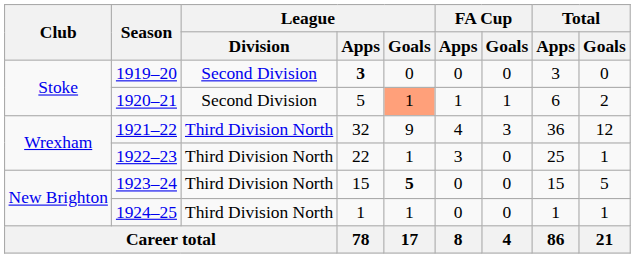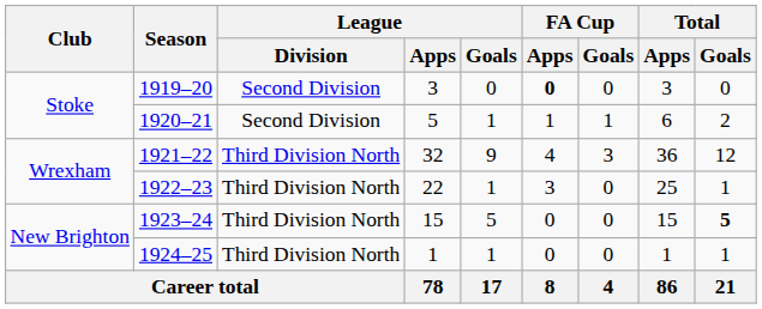 <table class="wikitable" style="text-align: center;">
 <tr>
 <th rowspan="2">Club</th>
 <th rowspan="2">Season</th>
 <th colspan="3">League</th>
 <th colspan="2">FA Cup</th>
 <th colspan="2">Total</th>
 </tr>
 <tr>
 <th>Division</th>
 <th>Apps</th>
 <th>Goals</th>
 <th>Apps</th>
 <th>Goals</th>
 <th>Apps</th>
 <th>Goals</th>
 </tr>
 <tr>
 <td rowspan="2"><a href='#'>Stoke</a></td>
 <td><a href='#'>1919–20</a></td>
 <td><a href='#'>Second Division</a></td>
-<td><strong>3</strong></td>
+<td>3</td>
 <td>0</td>
-<td>0</td>
+<td><strong>0</strong></td>
 <td>0</td>
 <td>3</td>
 <td>0</td>
 </tr>
 <tr>
 <td><a href='#'>1920–21</a></td>
 <td>Second Division</td>
 <td>5</td>
-<td style="background: lightsalmon;">1</td>
+<td>1</td>
 <td>1</td>
 <td>1</td>
 <td>6</td>
 <td>2</td>
 </tr>
 <tr>
 <td rowspan="2"><a href='#'>Wrexham</a></td>
 <td><a href='#'>1921–22</a></td>
 <td><a href='#'>Third Division North</a></td>
 <td>32</td>
 <td>9</td>
 <td>4</td>
 <td>3</td>
 <td>36</td>
 <td>12</td>
 </tr>
 <tr>
 <td><a href='#'>1922–23</a></td>
 <td>Third Division North</td>
 <td>22</td>
 <td>1</td>
 <td>3</td>
 <td>0</td>
 <td>25</td>
 <td>1</td>
 </tr>
 <tr>
 <td rowspan="2"><a href='#'>New Brighton</a></td>
 <td><a href='#'>1923–24</a></td>
 <td>Third Division North</td>
 <td>15</td>
-<td><strong>5</strong></td>
+<td>5</td>
 <td>0</td>
 <td>0</td>
 <td>15</td>
-<td>5</td>
+<td><strong>5</strong></td>
 </tr>
 <tr>
 <td><a href='#'>1924–25</a></td>
 <td>Third Division North</td>
 <td>1</td>
 <td>1</td>
 <td>0</td>
 <td>0</td>
 <td>1</td>
 <td>1</td>
 </tr>
 <tr>
 <th colspan="3">Career total</th>
 <th>78</th>
 <th>17</th>
 <th>8</th>
 <th>4</th>
 <th>86</th>
 <th>21</th>
 </tr>
 </table>
